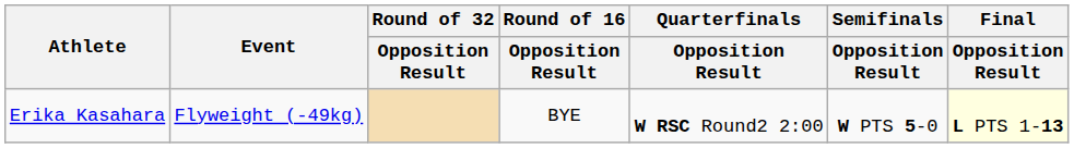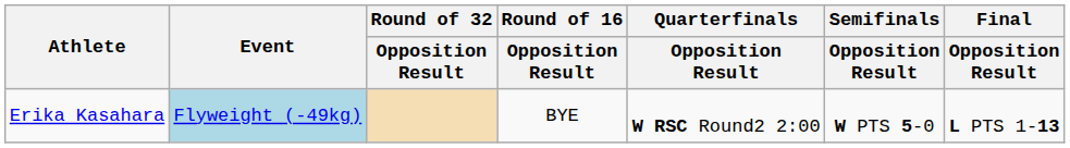 <table class="wikitable" style="font-size:90%">
 <tr>
 <th rowspan=2>Athlete</th>
 <th rowspan=2>Event</th>
 <th>Round of 32</th>
 <th>Round of 16</th>
 <th>Quarterfinals</th>
 <th>Semifinals</th>
 <th>Final</th>
 </tr>
 <tr>
 <th>Opposition<br>Result</th>
 <th>Opposition<br>Result</th>
 <th>Opposition<br>Result</th>
 <th>Opposition<br>Result</th>
 <th>Opposition<br>Result</th>
 </tr>
 <tr>
 <td><a href='#'>Erika Kasahara</a></td>
-<td><a href='#'>Flyweight (-49kg)</a></td>
+<td style="background: lightblue;"><a href='#'>Flyweight (-49kg)</a></td>
 <td align=center bgcolor=wheat></td>
 <td align=center>BYE</td>
 <td align=center><br><strong>W</strong> <strong>RSC</strong> Round2 2:00</td>
 <td align=center><br><strong>W</strong> PTS <strong>5</strong>-0</td>
-<td align=center style="background: lightyellow;"><br><strong>L</strong> PTS 1-<strong>13</strong><br></td>
+<td align=center><br><strong>L</strong> PTS 1-<strong>13</strong><br></td>
 </tr>
 </table>
